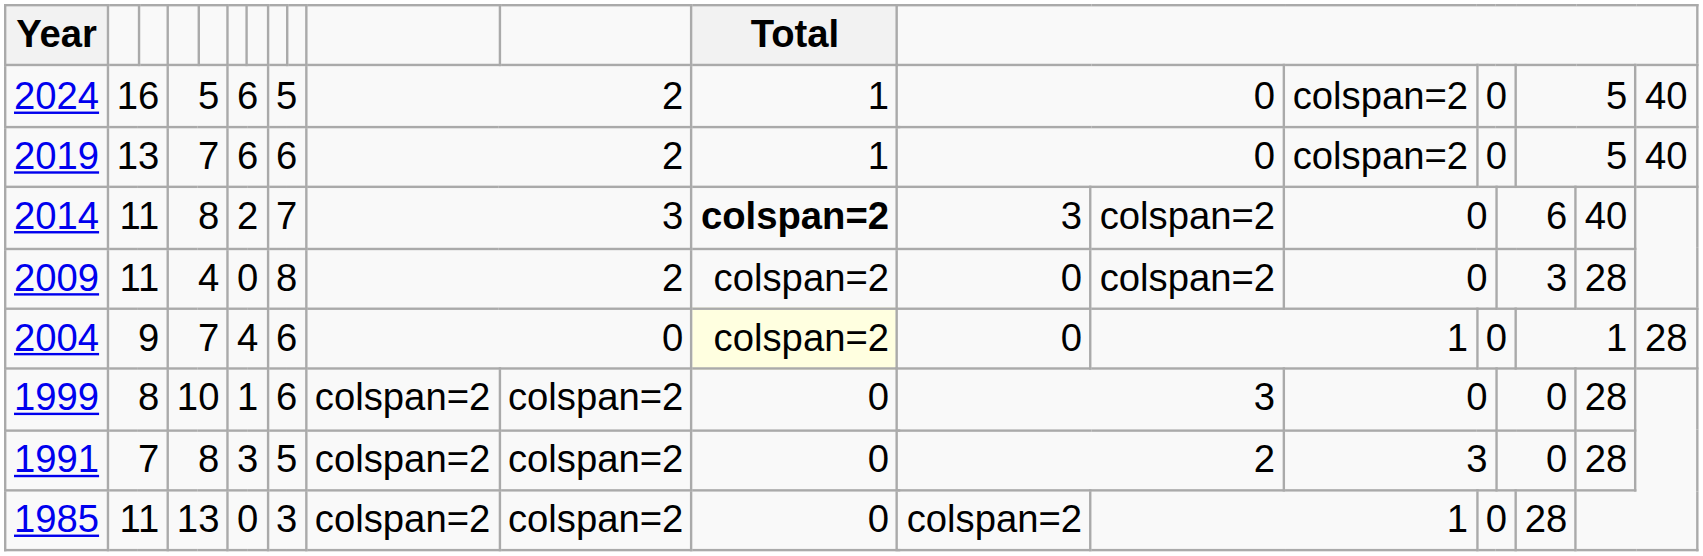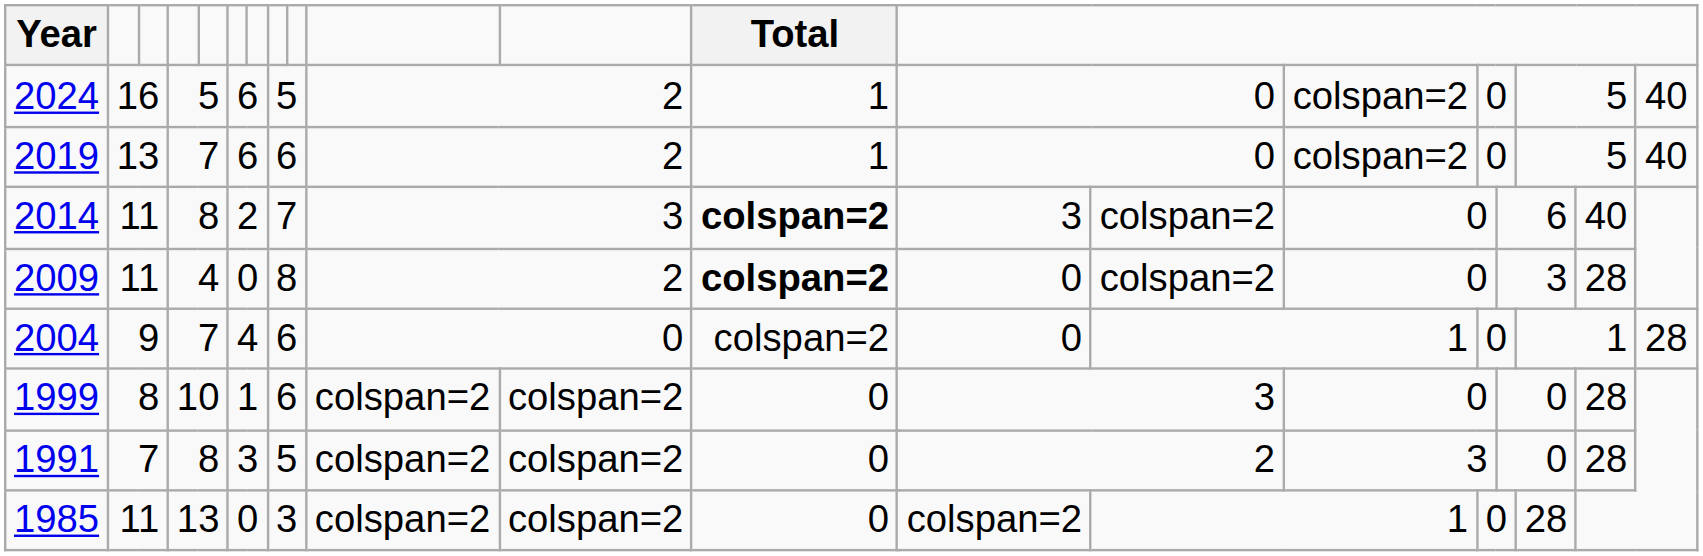 <table class="wikitable" style="text-align:right; padding-left:1em">
 <tr>
 <th align="left">Year</th>
 <td></td>
 <td></td>
 <td></td>
 <td></td>
 <td></td>
 <td></td>
 <td></td>
 <td></td>
 <td></td>
 <td></td>
 <th align="left">Total</th>
 </tr>
 <tr>
 <td align=left><a href='#'>2024</a></td>
 <td colspan=2>16</td>
 <td colspan=2>5</td>
 <td colspan=2>6</td>
 <td colspan=2>5</td>
 <td colspan=2>2</td>
 <td colspan=2>1</td>
 <td colspan=2>0</td>
 <td>colspan=2 </td>
 <td colspan=2>0</td>
 <td colspan=2>5</td>
 <td>40</td>
 </tr>
 <tr>
 <td align=left><a href='#'>2019</a></td>
 <td colspan=2>13</td>
 <td colspan=2>7</td>
 <td colspan=2>6</td>
 <td colspan=2>6</td>
 <td colspan=2>2</td>
 <td colspan=2>1</td>
 <td colspan=2>0</td>
 <td>colspan=2 </td>
 <td colspan=2>0</td>
 <td colspan=2>5</td>
 <td>40</td>
 </tr>
 <tr>
 <td align=left><a href='#'>2014</a></td>
 <td colspan=2>11</td>
 <td colspan=2>8</td>
 <td colspan=2>2</td>
 <td colspan=2>7</td>
 <td colspan=2>3</td>
 <td><strong>colspan=2 </strong></td>
 <td colspan=2>3</td>
 <td>colspan=2 </td>
 <td colspan=2>0</td>
 <td colspan=2>6</td>
 <td>40</td>
 </tr>
 <tr>
 <td align=left><a href='#'>2009</a></td>
 <td colspan=2>11</td>
 <td colspan=2>4</td>
 <td colspan=2>0</td>
 <td colspan=2>8</td>
 <td colspan=2>2</td>
-<td>colspan=2 </td>
+<td><strong>colspan=2 </strong></td>
 <td colspan=2>0</td>
 <td>colspan=2 </td>
 <td colspan=2>0</td>
 <td colspan=2>3</td>
 <td>28</td>
 </tr>
 <tr>
 <td align=left><a href='#'>2004</a></td>
 <td colspan=2>9</td>
 <td colspan=2>7</td>
 <td colspan=2>4</td>
 <td colspan=2>6</td>
 <td colspan=2>0</td>
-<td style="background: lightyellow;">colspan=2 </td>
+<td>colspan=2 </td>
 <td colspan=2>0</td>
 <td colspan=2>1</td>
 <td colspan=2>0</td>
 <td colspan=2>1</td>
 <td>28</td>
 </tr>
 <tr>
 <td align=left><a href='#'>1999</a></td>
 <td colspan=2>8</td>
 <td colspan=2>10</td>
 <td colspan=2>1</td>
 <td colspan=2>6</td>
 <td>colspan=2 </td>
 <td>colspan=2 </td>
 <td colspan=2>0</td>
 <td colspan=2>3</td>
 <td colspan=2>0</td>
 <td colspan=2>0</td>
 <td>28</td>
 </tr>
 <tr>
 <td align=left><a href='#'>1991</a></td>
 <td colspan=2>7</td>
 <td colspan=2>8</td>
 <td colspan=2>3</td>
 <td colspan=2>5</td>
 <td>colspan=2 </td>
 <td>colspan=2 </td>
 <td colspan=2>0</td>
 <td colspan=2>2</td>
 <td colspan=2>3</td>
 <td colspan=2>0</td>
 <td>28</td>
 </tr>
 <tr>
 <td align=left><a href='#'>1985</a></td>
 <td colspan=2>11</td>
 <td colspan=2>13</td>
 <td colspan=2>0</td>
 <td colspan=2>3</td>
 <td>colspan=2 </td>
 <td>colspan=2 </td>
 <td colspan=2>0</td>
 <td>colspan=2 </td>
 <td colspan=2>1</td>
 <td colspan=2>0</td>
 <td>28</td>
 </tr>
 </table>
